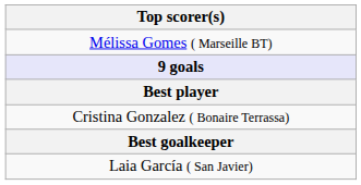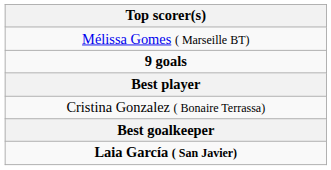 <table class="wikitable" style="margin: 1em auto 1em auto;">
 <tr>
 <th width=350 colspan=3>Top scorer(s)</th>
 </tr>
 <tr align=center style="background:">
 <td style="text-align:center;"> <a href='#'>Mélissa Gomes</a> <small>( Marseille BT)</small></td>
 </tr>
 <tr>
-<td style="background: lavender; text-align:center;"><strong>9 goals</strong></td>
+<td style="text-align:center;"><strong>9 goals</strong></td>
 </tr>
 <tr>
 <th colspan=3>Best player</th>
 </tr>
 <tr>
 <td style="text-align:center;"> Cristina Gonzalez <small>( Bonaire Terrassa)</small></td>
 </tr>
 <tr>
 <th colspan=3>Best goalkeeper</th>
 </tr>
 <tr>
-<td style="text-align:center;"> Laia García <small>( San Javier)</small></td>
+<td style="text-align:center;"><strong> Laia García <small>( San Javier)</small></strong></td>
 </tr>
 </table>
